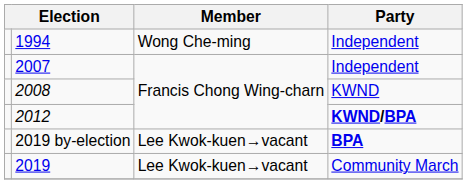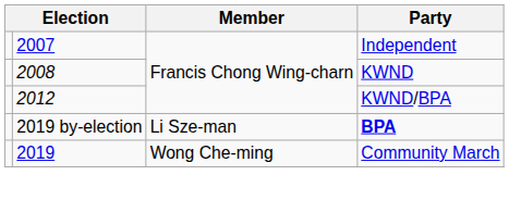 <table class="wikitable">
 <tr>
 <th colspan="2">Election</th>
 <th>Member</th>
 <th>Party</th>
-</tr>
-<tr>
-<td style="background-color: "></td>
-<td><a href='#'>1994</a></td>
-<td>Wong Che-ming</td>
-<td><a href='#'>Independent</a></td>
 </tr>
 <tr>
 <td style="background-color: "></td>
 <td><a href='#'>2007</a></td>
 <td rowspan=3>Francis Chong Wing-charn</td>
 <td><a href='#'>Independent</a></td>
 </tr>
 <tr>
 <td style="background-color: "></td>
 <td><em>2008</em></td>
 <td><a href='#'>KWND</a></td>
 </tr>
 <tr>
 <td style="background-color: "></td>
 <td><em>2012</em></td>
-<td><strong><a href='#'>KWND</a>/<a href='#'>BPA</a></strong></td>
+<td><a href='#'>KWND</a>/<a href='#'>BPA</a></td>
 </tr>
 <tr>
 <td style="background-color: "></td>
 <td>2019 by-election</td>
-<td>Lee Kwok-kuen→vacant</td>
+<td>Li Sze-man</td>
 <td><strong><a href='#'>BPA</a></strong></td>
 </tr>
 <tr>
 <td style="background-color: "></td>
 <td><a href='#'>2019</a></td>
-<td>Lee Kwok-kuen→vacant</td>
+<td>Wong Che-ming</td>
 <td><a href='#'>Community March</a></td>
 </tr>
 <tr>
 </tr>
 </table>
